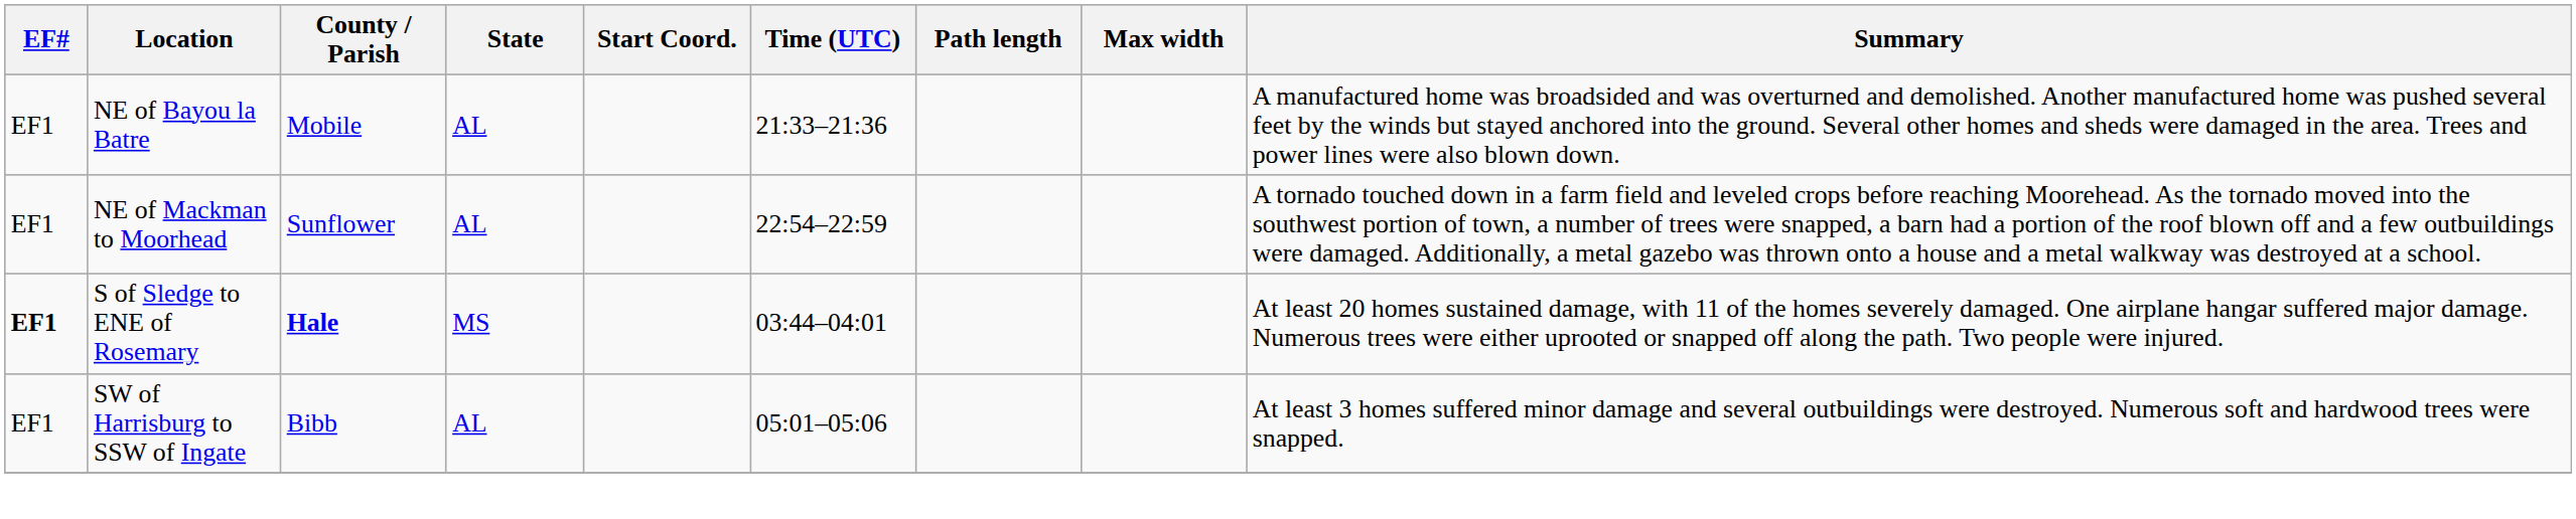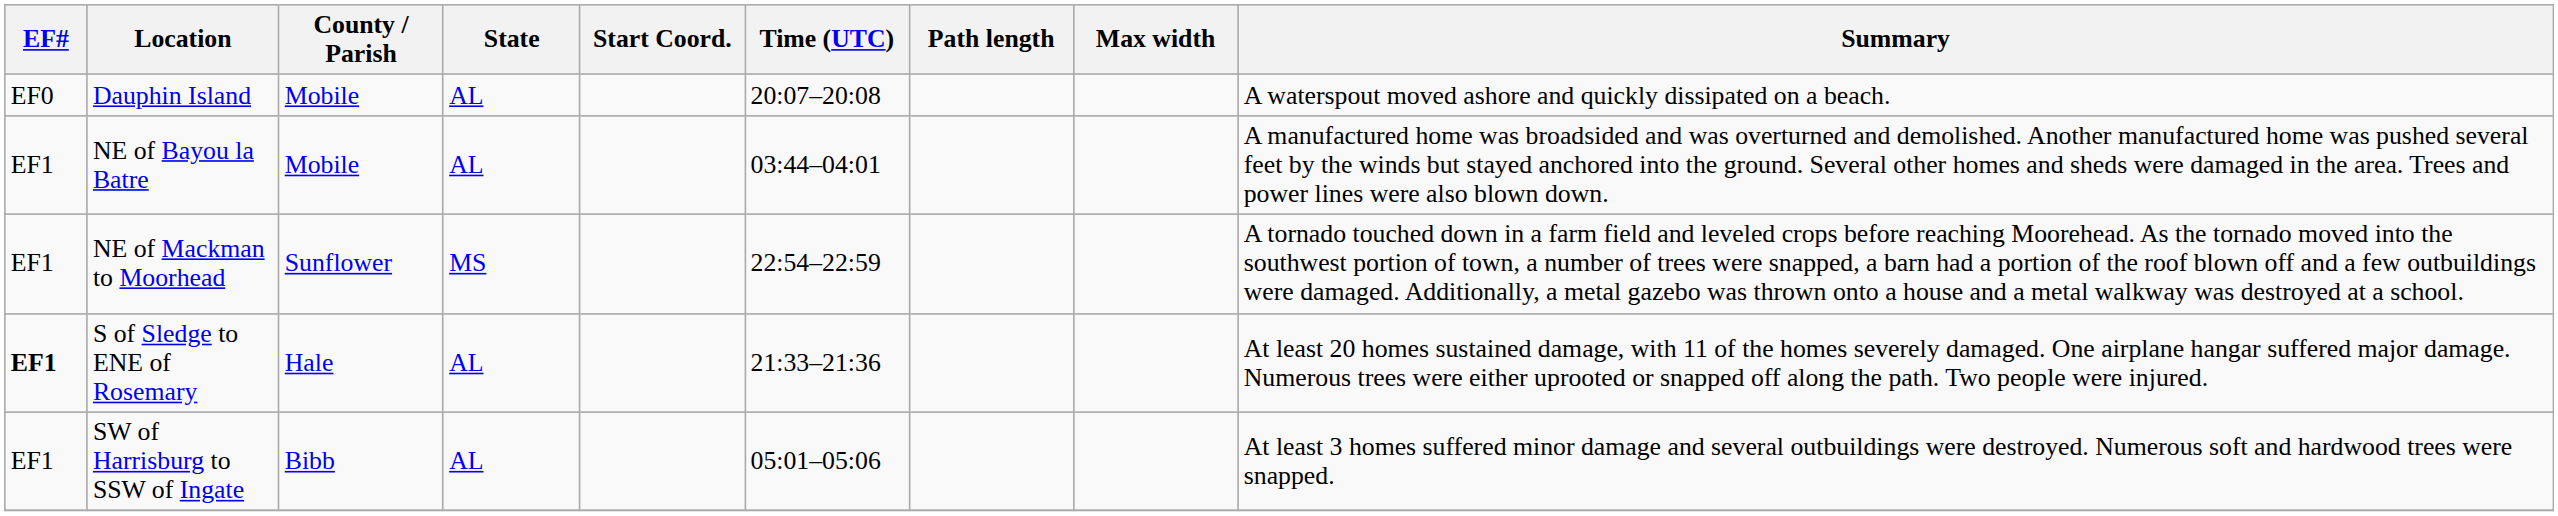 <table class="wikitable sortable" style="width:100%;">
 <tr>
 <th scope="col"  style="width:3%; text-align:center;"><a href='#'>EF#</a></th>
 <th scope="col"  style="width:7%; text-align:center;" class="unsortable">Location</th>
 <th scope="col"  style="width:6%; text-align:center;" class="unsortable">County / Parish</th>
 <th scope="col"  style="width:5%; text-align:center;">State</th>
 <th scope="col"  style="width:6%; text-align:center;">Start Coord.</th>
 <th scope="col"  style="width:6%; text-align:center;">Time (<a href='#'>UTC</a>)</th>
 <th scope="col"  style="width:6%; text-align:center;">Path length</th>
 <th scope="col"  style="width:6%; text-align:center;">Max width</th>
 <th scope="col" class="unsortable" style="width:48%; text-align:center;">Summary</th>
 </tr>
 <tr>
+<td>EF0</td>
+<td><a href='#'>Dauphin Island</a></td>
+<td><a href='#'>Mobile</a></td>
+<td><a href='#'>AL</a></td>
+<td></td>
+<td>20:07–20:08</td>
+<td></td>
+<td></td>
+<td>A waterspout moved ashore and quickly dissipated on a beach.</td>
+</tr>
+<tr>
 <td>EF1</td>
 <td>NE of <a href='#'>Bayou la Batre</a></td>
 <td><a href='#'>Mobile</a></td>
 <td><a href='#'>AL</a></td>
 <td></td>
-<td>21:33–21:36</td>
+<td>03:44–04:01</td>
 <td></td>
 <td></td>
 <td>A manufactured home was broadsided and was overturned and demolished. Another manufactured home was pushed several feet by the winds but stayed anchored into the ground. Several other homes and sheds were damaged in the area. Trees and power lines were also blown down.</td>
 </tr>
 <tr>
 <td>EF1</td>
 <td>NE of <a href='#'>Mackman</a> to <a href='#'>Moorhead</a></td>
 <td><a href='#'>Sunflower</a></td>
-<td><a href='#'>AL</a></td>
+<td><a href='#'>MS</a></td>
 <td></td>
 <td>22:54–22:59</td>
 <td></td>
 <td></td>
 <td>A tornado touched down in a farm field and leveled crops before reaching Moorehead. As the tornado moved into the southwest portion of town, a number of trees were snapped, a barn had a portion of the roof blown off and a few outbuildings were damaged. Additionally, a metal gazebo was thrown onto a house and a metal walkway was destroyed at a school.</td>
 </tr>
 <tr>
 <td><strong>EF1</strong></td>
 <td>S of <a href='#'>Sledge</a> to ENE of <a href='#'>Rosemary</a></td>
-<td><strong><a href='#'>Hale</a></strong></td>
-<td><a href='#'>MS</a></td>
+<td><a href='#'>Hale</a></td>
+<td><a href='#'>AL</a></td>
 <td></td>
-<td>03:44–04:01</td>
+<td>21:33–21:36</td>
 <td></td>
 <td></td>
 <td>At least 20 homes sustained damage, with 11 of the homes severely damaged. One airplane hangar suffered major damage. Numerous trees were either uprooted or snapped off along the path. Two people were injured.</td>
 </tr>
 <tr>
 <td>EF1</td>
 <td>SW of <a href='#'>Harrisburg</a> to SSW of <a href='#'>Ingate</a></td>
 <td><a href='#'>Bibb</a></td>
 <td><a href='#'>AL</a></td>
 <td></td>
 <td>05:01–05:06</td>
 <td></td>
 <td></td>
 <td>At least 3 homes suffered minor damage and several outbuildings were destroyed. Numerous soft and hardwood trees were snapped.</td>
 </tr>
 <tr>
 </tr>
 </table>
